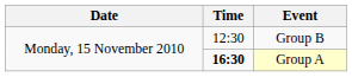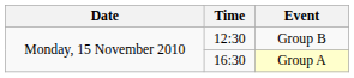 <table class = "wikitable" style="text-align:center;">
 <tr>
 <th width=220>Date</th>
 <th width=50>Time</th>
 <th width=100>Event</th>
 </tr>
 <tr>
 <td rowspan=2>Monday, 15 November 2010</td>
 <td>12:30</td>
 <td>Group B</td>
 </tr>
 <tr>
-<td><strong>16:30</strong></td>
+<td>16:30</td>
 <td bgcolor=ffffcc>Group A</td>
 </tr>
 </table>
